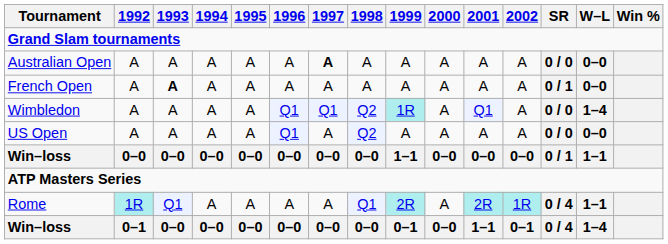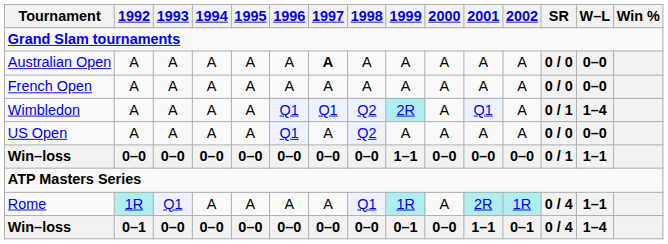 <table class=wikitable style=text-align:center;font-size:97%>
 <tr>
 <th>Tournament</th>
 <th><a href='#'>1992</a></th>
 <th><a href='#'>1993</a></th>
 <th><a href='#'>1994</a></th>
 <th><a href='#'>1995</a></th>
 <th><a href='#'>1996</a></th>
 <th><a href='#'>1997</a></th>
 <th><a href='#'>1998</a></th>
 <th><a href='#'>1999</a></th>
 <th><a href='#'>2000</a></th>
 <th><a href='#'>2001</a></th>
 <th><a href='#'>2002</a></th>
 <th>SR</th>
 <th>W–L</th>
 <th>Win %</th>
 </tr>
 <tr>
 <td colspan=23 align=left><strong><a href='#'>Grand Slam tournaments</a></strong></td>
 </tr>
 <tr>
 <td align=left><a href='#'>Australian Open</a></td>
 <td>A</td>
 <td>A</td>
 <td>A</td>
 <td>A</td>
 <td>A</td>
 <td><strong>A</strong></td>
 <td>A</td>
 <td>A</td>
 <td>A</td>
 <td>A</td>
 <td>A</td>
 <th>0 / 0</th>
 <th>0–0</th>
 <th></th>
 </tr>
 <tr>
 <td align=left><a href='#'>French Open</a></td>
 <td>A</td>
-<td><strong>A</strong></td>
 <td>A</td>
 <td>A</td>
 <td>A</td>
 <td>A</td>
 <td>A</td>
 <td>A</td>
 <td>A</td>
 <td>A</td>
 <td>A</td>
-<th>0 / 1</th>
+<td>A</td>
+<th>0 / 0</th>
 <th>0–0</th>
 <th></th>
 </tr>
 <tr>
 <td align=left><a href='#'>Wimbledon</a></td>
 <td>A</td>
 <td>A</td>
 <td>A</td>
 <td>A</td>
 <td bgcolor=ecf2ff><a href='#'>Q1</a></td>
 <td bgcolor=ecf2ff><a href='#'>Q1</a></td>
 <td bgcolor=ecf2ff><a href='#'>Q2</a></td>
-<td bgcolor=afeeee><a href='#'>1R</a></td>
+<td bgcolor=afeeee><a href='#'>2R</a></td>
 <td>A</td>
 <td bgcolor=ecf2ff><a href='#'>Q1</a></td>
 <td>A</td>
-<th>0 / 0</th>
+<th>0 / 1</th>
 <th>1–4</th>
 <th></th>
 </tr>
 <tr>
 <td align=left><a href='#'>US Open</a></td>
 <td>A</td>
 <td>A</td>
 <td>A</td>
 <td>A</td>
 <td bgcolor=ecf2ff><a href='#'>Q1</a></td>
 <td>A</td>
 <td bgcolor=ecf2ff><a href='#'>Q2</a></td>
 <td>A</td>
 <td>A</td>
 <td>A</td>
 <td>A</td>
 <th>0 / 0</th>
 <th>0–0</th>
 <th></th>
 </tr>
 <tr>
 <th style=text-align:left>Win–loss</th>
 <th>0–0</th>
 <th>0–0</th>
 <th>0–0</th>
 <th>0–0</th>
 <th>0–0</th>
 <th>0–0</th>
 <th>0–0</th>
 <th>1–1</th>
 <th>0–0</th>
 <th>0–0</th>
 <th>0–0</th>
 <th>0 / 1</th>
 <th>1–1</th>
 <th></th>
 </tr>
 <tr>
 <td colspan=23 align=left><strong>ATP Masters Series</strong></td>
 </tr>
 <tr>
 <td align=left><a href='#'>Rome</a></td>
 <td bgcolor=afeeee><a href='#'>1R</a></td>
 <td bgcolor=ecf2ff><a href='#'>Q1</a></td>
 <td>A</td>
 <td>A</td>
 <td>A</td>
 <td>A</td>
 <td bgcolor=ecf2ff><a href='#'>Q1</a></td>
-<td bgcolor=afeeee><a href='#'>2R</a></td>
+<td bgcolor=afeeee><a href='#'>1R</a></td>
 <td>A</td>
 <td bgcolor=afeeee><a href='#'>2R</a></td>
 <td bgcolor=afeeee><a href='#'>1R</a></td>
 <th>0 / 4</th>
 <th>1–1</th>
 <th></th>
 </tr>
 <tr>
 <th style=text-align:left>Win–loss</th>
 <th>0–1</th>
 <th>0–0</th>
 <th>0–0</th>
 <th>0–0</th>
 <th>0–0</th>
 <th>0–0</th>
 <th>0–0</th>
 <th>0–1</th>
 <th>0–0</th>
 <th>1–1</th>
 <th>0–1</th>
 <th>0 / 4</th>
 <th>1–4</th>
 <th></th>
 </tr>
 </table>
